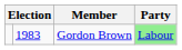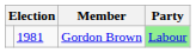 <table class="wikitable">
 <tr>
 <th colspan="2">Election</th>
 <th>Member</th>
 <th>Party</th>
 </tr>
 <tr>
 <td style="color:inherit;background-color: "></td>
-<td><a href='#'>1983</a></td>
+<td><a href='#'>1981</a></td>
 <td><a href='#'>Gordon Brown</a></td>
 <td style="background: lightgreen;"><a href='#'>Labour</a></td>
 </tr>
 </table>
